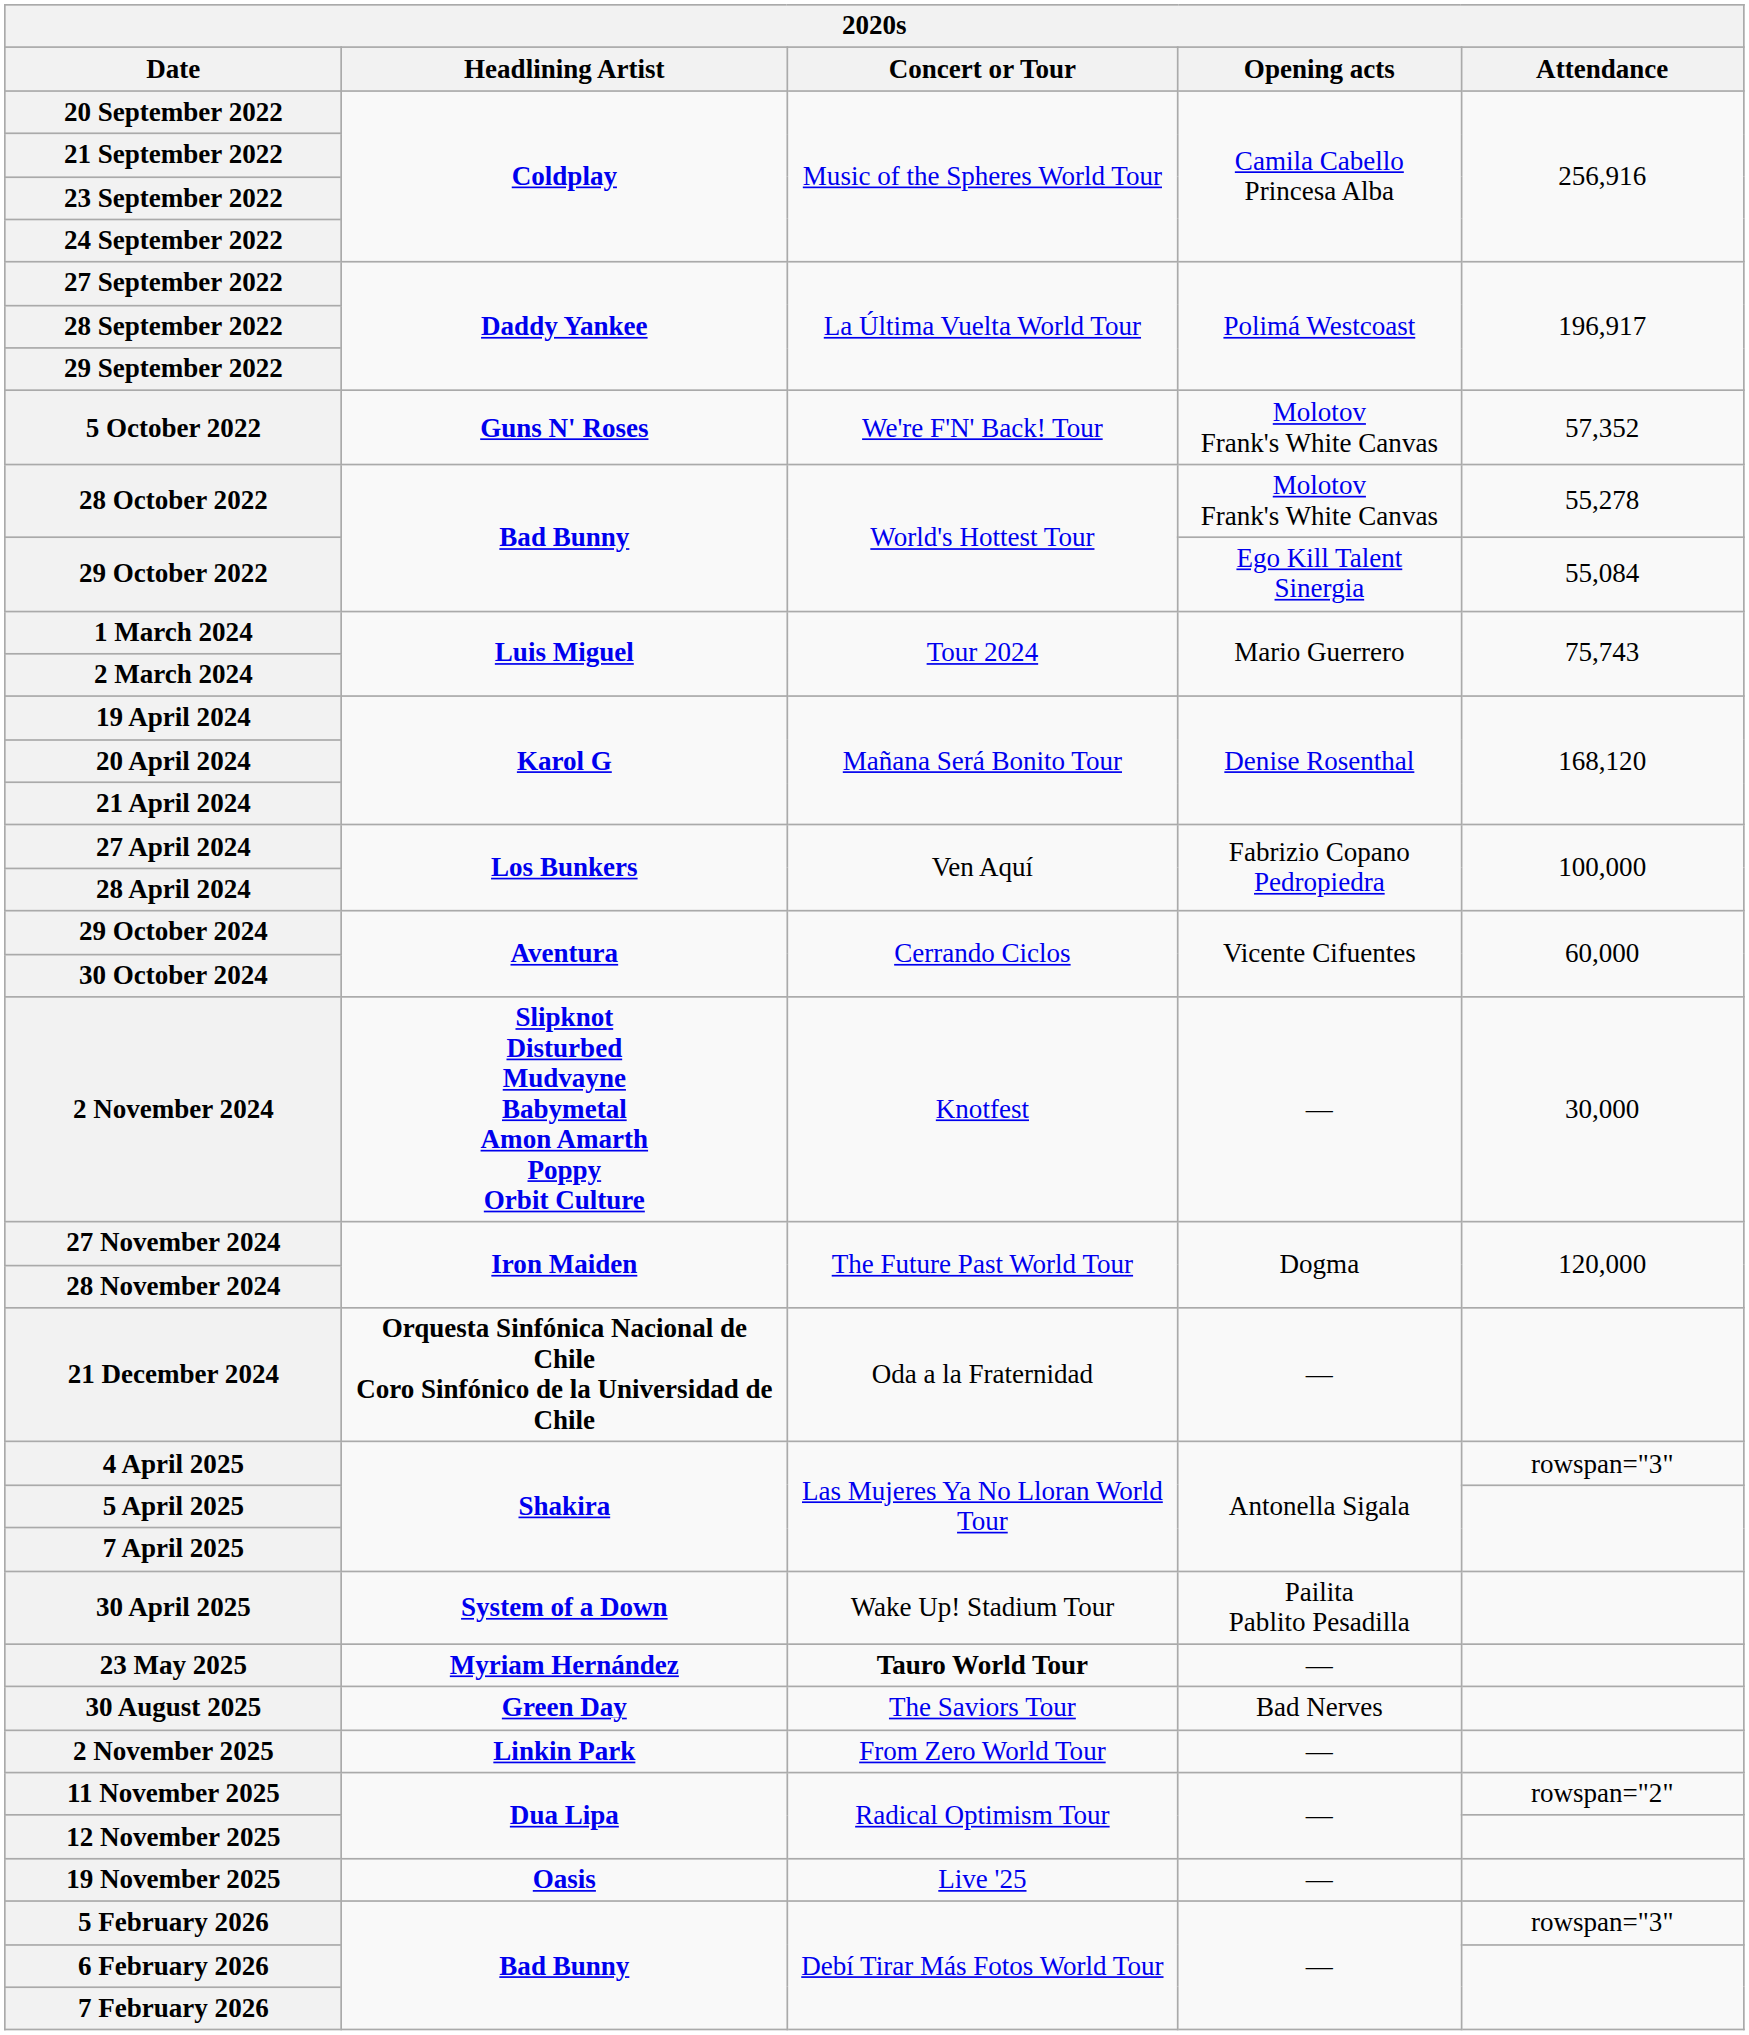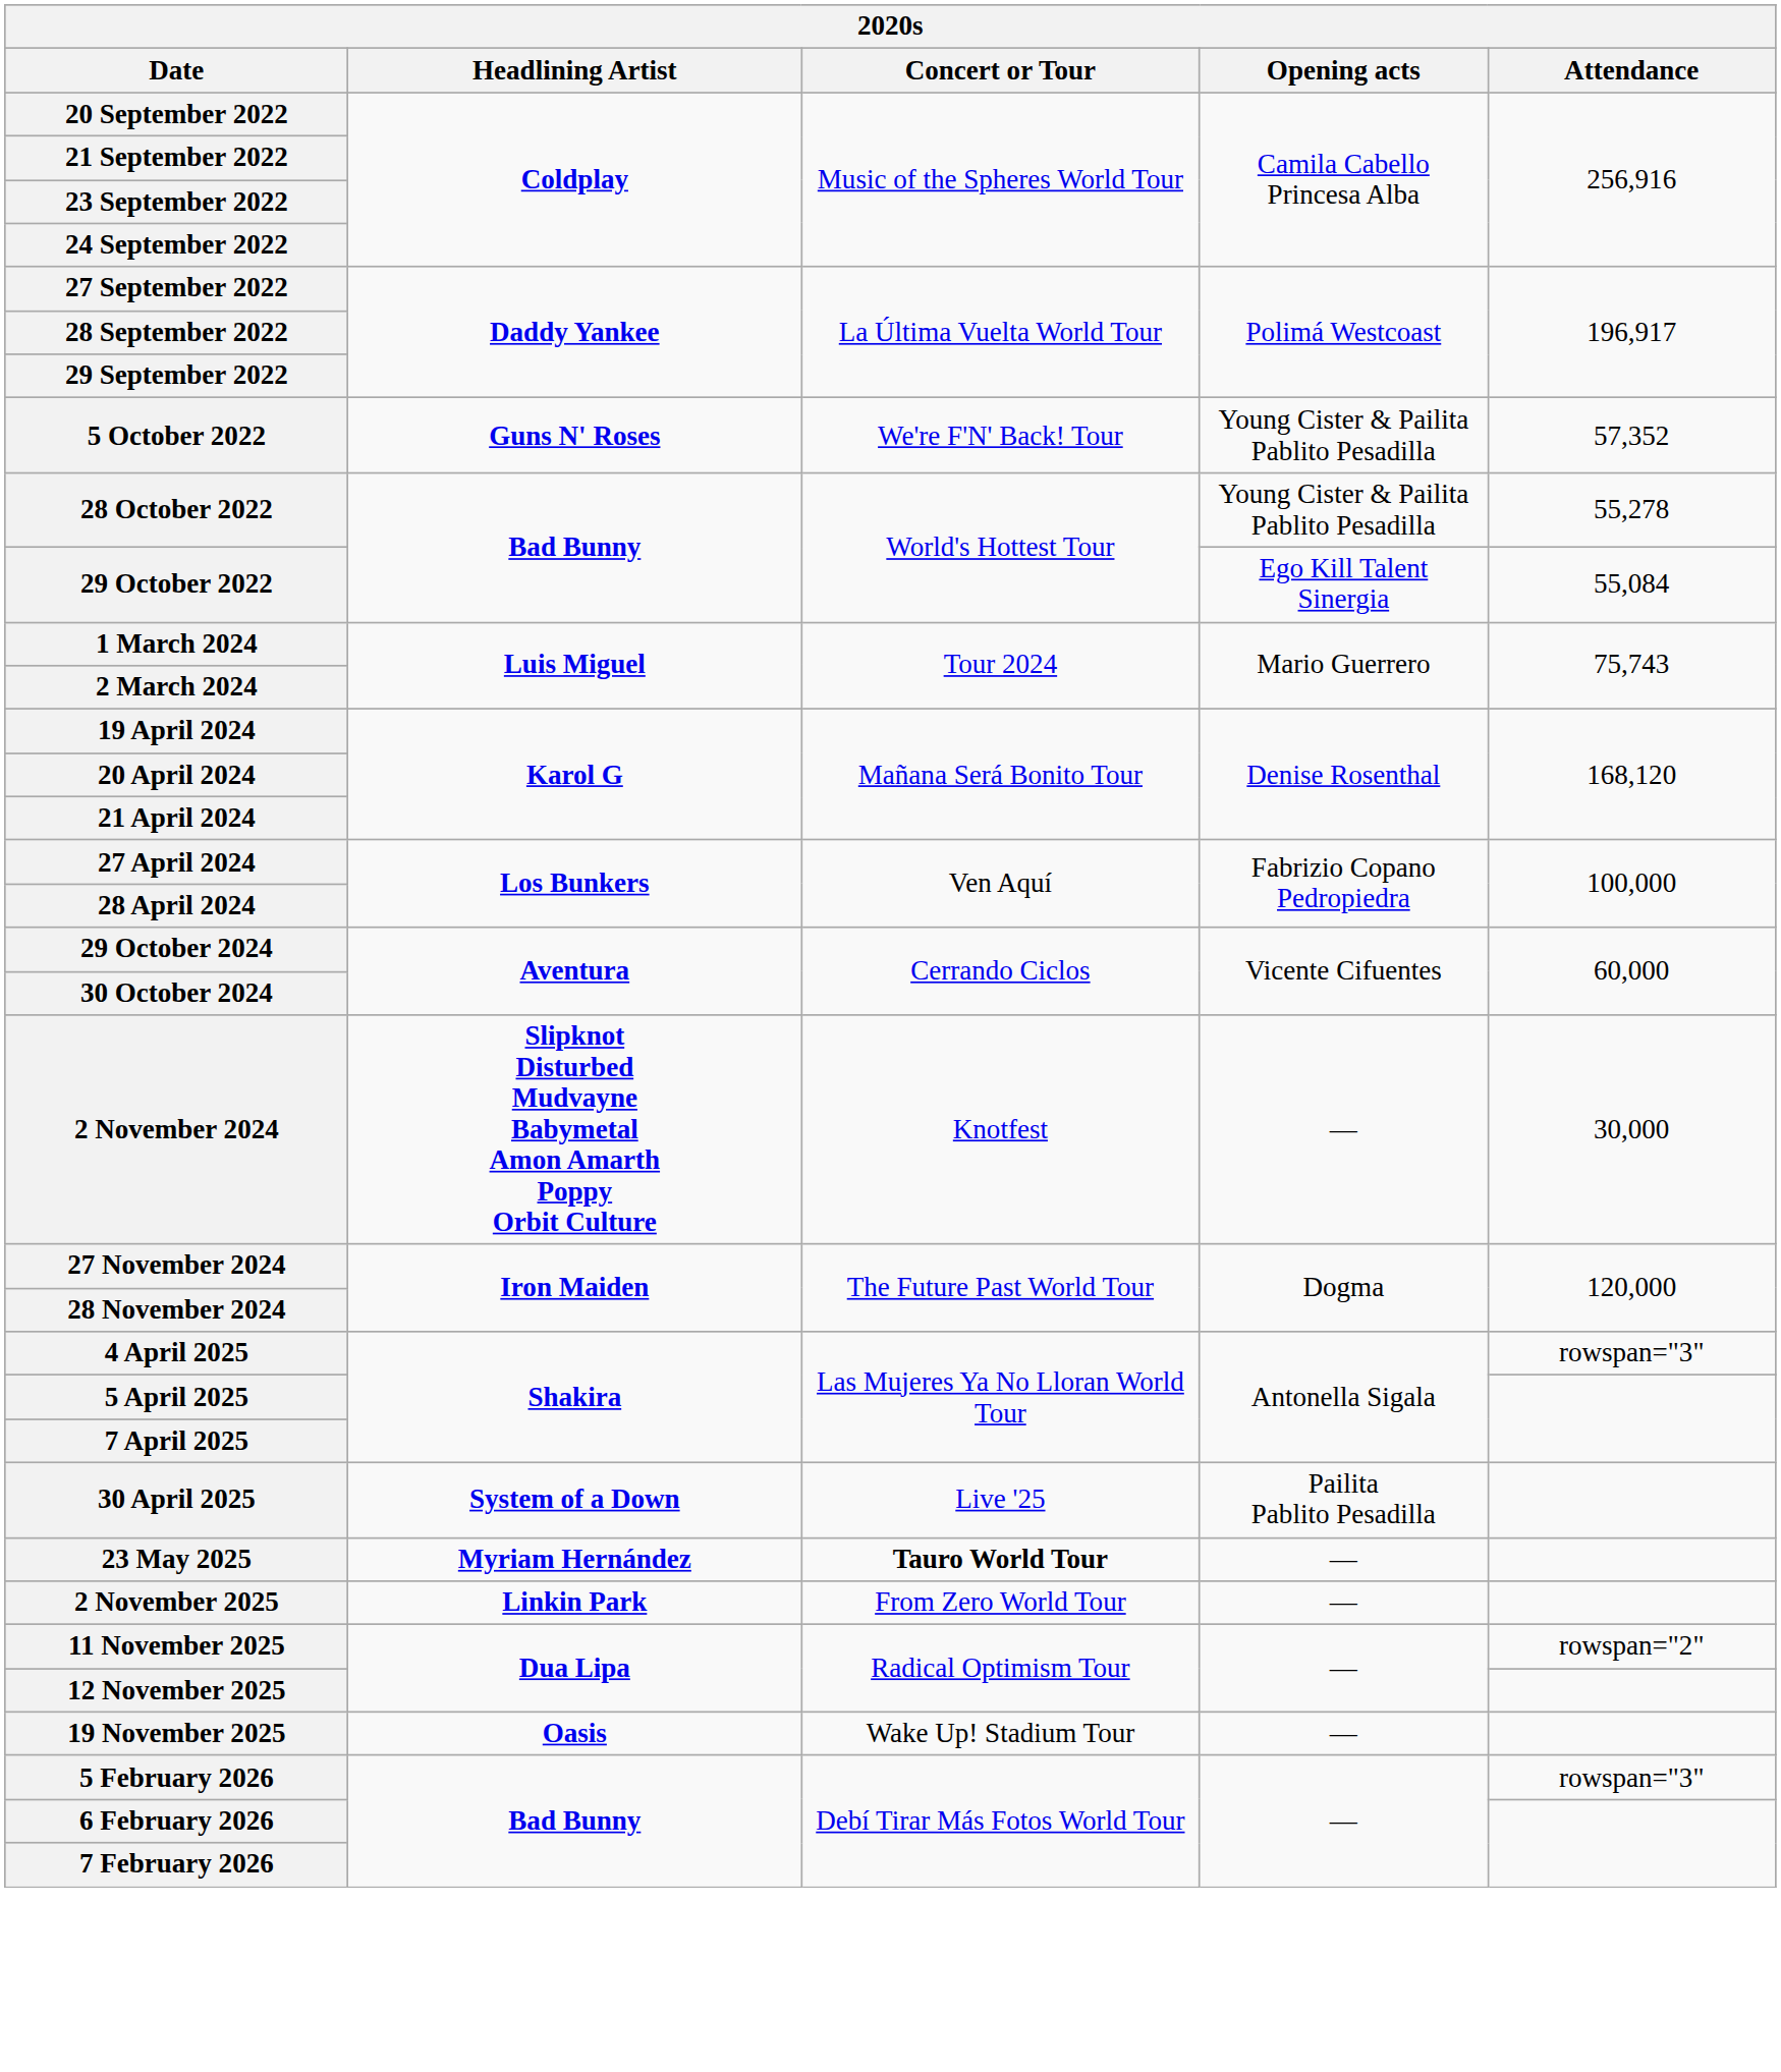 <table class="wikitable plainrowheaders collapsible collapsed" style="text-align:center;">
 <tr>
 <th colspan="5">2020s</th>
 </tr>
 <tr>
 <th scope="col" style="width:12em;">Date</th>
 <th scope="col" style="width:16em;">Headlining Artist</th>
 <th scope="col" style="width:14em;">Concert or Tour</th>
 <th scope="col" style="width:10em;">Opening acts</th>
 <th scope="col" style="width:10em;">Attendance</th>
 </tr>
 <tr>
 <th scope="row">20 September 2022</th>
 <td rowspan="4"><strong><a href='#'>Coldplay</a></strong></td>
 <td rowspan="4"><a href='#'>Music of the Spheres World Tour</a></td>
 <td rowspan="4"><a href='#'>Camila Cabello</a> <br> Princesa Alba</td>
 <td rowspan="4">256,916</td>
 </tr>
 <tr>
 <th scope="row">21 September 2022</th>
 </tr>
 <tr>
 <th scope="row">23 September 2022</th>
 </tr>
 <tr>
 <th scope="row">24 September 2022</th>
 </tr>
 <tr>
 <th scope="row">27 September 2022</th>
 <td rowspan="3"><strong><a href='#'>Daddy Yankee</a></strong></td>
 <td rowspan="3"><a href='#'>La Última Vuelta World Tour</a></td>
 <td rowspan="3"><a href='#'>Polimá Westcoast</a></td>
 <td rowspan="3">196,917</td>
 </tr>
 <tr>
 <th scope="row">28 September 2022</th>
 </tr>
 <tr>
 <th scope="row">29 September 2022</th>
 </tr>
 <tr>
 <th scope="row">5 October 2022</th>
 <td><strong><a href='#'>Guns N' Roses</a></strong></td>
 <td><a href='#'>We're F'N' Back! Tour</a></td>
-<td><a href='#'>Molotov</a> <br> Frank's White Canvas</td>
+<td>Young Cister & Pailita <br> Pablito Pesadilla</td>
 <td>57,352</td>
 </tr>
 <tr>
 <th scope="row">28 October 2022</th>
 <td rowspan="2"><strong><a href='#'>Bad Bunny</a></strong></td>
 <td rowspan="2"><a href='#'>World's Hottest Tour</a></td>
-<td><a href='#'>Molotov</a> <br> Frank's White Canvas</td>
+<td>Young Cister & Pailita <br> Pablito Pesadilla</td>
 <td>55,278</td>
 </tr>
 <tr>
 <th scope="row">29 October 2022</th>
 <td><a href='#'>Ego Kill Talent</a><br><a href='#'>Sinergia</a></td>
 <td>55,084</td>
 </tr>
 <tr>
 <th scope="row">1 March 2024</th>
 <td rowspan="2"><strong><a href='#'>Luis Miguel</a></strong></td>
 <td rowspan="2"><a href='#'>Tour 2024</a></td>
 <td rowspan="2">Mario Guerrero</td>
 <td rowspan="2">75,743</td>
 </tr>
 <tr>
 <th scope="row">2 March 2024</th>
 </tr>
 <tr>
 <th scope="row">19 April 2024</th>
 <td rowspan="3"><strong><a href='#'>Karol G</a></strong></td>
 <td rowspan="3"><a href='#'>Mañana Será Bonito Tour</a></td>
 <td rowspan="3"><a href='#'>Denise Rosenthal</a></td>
 <td rowspan="3">168,120</td>
 </tr>
 <tr>
 <th scope="row">20 April 2024</th>
 </tr>
 <tr>
 <th scope="row">21 April 2024</th>
 </tr>
 <tr>
 <th scope="row">27 April 2024</th>
 <td rowspan="2"><strong><a href='#'>Los Bunkers</a></strong></td>
 <td rowspan="2">Ven Aquí</td>
 <td rowspan="2">Fabrizio Copano<br><a href='#'>Pedropiedra</a></td>
 <td rowspan="2">100,000</td>
 </tr>
 <tr>
 <th scope="row">28 April 2024</th>
 </tr>
 <tr>
 <th scope="row">29 October 2024</th>
 <td rowspan="2"><strong><a href='#'>Aventura</a></strong></td>
 <td rowspan="2"><a href='#'>Cerrando Ciclos</a></td>
 <td rowspan="2">Vicente Cifuentes</td>
 <td rowspan="2">60,000</td>
 </tr>
 <tr>
 <th scope="row">30 October 2024</th>
 </tr>
 <tr>
 <th scope="row">2 November 2024</th>
 <td><strong><a href='#'>Slipknot</a><br><a href='#'>Disturbed</a><br><a href='#'>Mudvayne</a><br><a href='#'>Babymetal</a><br><a href='#'>Amon Amarth</a><br><a href='#'>Poppy</a><br><a href='#'>Orbit Culture</a></strong></td>
 <td><a href='#'>Knotfest</a></td>
 <td>—</td>
 <td>30,000</td>
 </tr>
 <tr>
 <th scope="row">27 November 2024</th>
 <td rowspan="2"><strong><a href='#'>Iron Maiden</a></strong></td>
 <td rowspan="2"><a href='#'>The Future Past World Tour</a></td>
 <td rowspan="2">Dogma</td>
 <td rowspan="2">120,000</td>
 </tr>
 <tr>
 <th scope="row">28 November 2024</th>
 </tr>
 <tr>
-<th scope="row">21 December 2024</th>
-<td><strong>Orquesta Sinfónica Nacional de Chile<br>Coro Sinfónico de la Universidad de Chile</strong></td>
-<td>Oda a la Fraternidad</td>
-<td>—</td>
-<td></td>
-</tr>
-<tr>
 <th scope="row">4 April 2025</th>
 <td rowspan="3"><strong><a href='#'>Shakira</a></strong></td>
 <td rowspan="3"><a href='#'>Las Mujeres Ya No Lloran World Tour</a></td>
 <td rowspan="3">Antonella Sigala</td>
 <td>rowspan="3" </td>
 </tr>
 <tr>
 <th scope="row">5 April 2025</th>
 </tr>
 <tr>
 <th scope="row">7 April 2025</th>
 </tr>
 <tr>
 <th scope="row">30 April 2025</th>
 <td><strong><a href='#'>System of a Down</a></strong></td>
-<td>Wake Up! Stadium Tour</td>
+<td><a href='#'>Live '25</a></td>
 <td>Pailita <br> Pablito Pesadilla</td>
 <td></td>
 </tr>
 <tr>
 <th scope="row">23 May 2025</th>
 <td><strong><a href='#'>Myriam Hernández</a></strong></td>
 <td><strong>Tauro World Tour</strong></td>
 <td>—</td>
-<td></td>
-</tr>
-<tr>
-<th scope="row">30 August 2025</th>
-<td><strong><a href='#'>Green Day</a></strong></td>
-<td><a href='#'>The Saviors Tour</a></td>
-<td>Bad Nerves</td>
 <td></td>
 </tr>
 <tr>
 <th scope="row">2 November 2025</th>
 <td><strong><a href='#'>Linkin Park</a></strong></td>
 <td><a href='#'>From Zero World Tour</a></td>
 <td>—</td>
 <td></td>
 </tr>
 <tr>
 <th scope="row">11 November 2025</th>
 <td rowspan="2"><strong><a href='#'>Dua Lipa</a></strong></td>
 <td rowspan="2"><a href='#'>Radical Optimism Tour</a></td>
 <td rowspan="2">—</td>
 <td>rowspan="2" </td>
 </tr>
 <tr>
 <th scope="row">12 November 2025</th>
 </tr>
 <tr>
 <th scope="row">19 November 2025</th>
 <td><strong><a href='#'>Oasis</a></strong></td>
-<td><a href='#'>Live '25</a></td>
+<td>Wake Up! Stadium Tour</td>
 <td>—</td>
 <td></td>
 </tr>
 <tr>
 <th scope="row">5 February 2026</th>
 <td rowspan="3"><strong><a href='#'>Bad Bunny</a></strong></td>
 <td rowspan="3"><a href='#'>Debí Tirar Más Fotos World Tour</a></td>
 <td rowspan="3">—</td>
 <td>rowspan="3" </td>
 </tr>
 <tr>
 <th scope="row">6 February 2026</th>
 </tr>
 <tr>
 <th scope="row">7 February 2026</th>
 </tr>
 </table>
